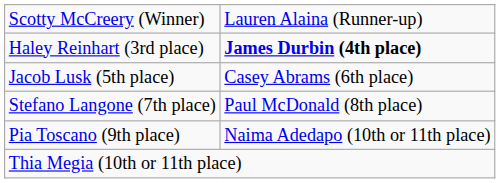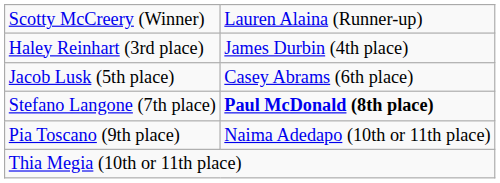 <table class="wikitable">
 <tr>
 <td><a href='#'>Scotty McCreery</a> (Winner)</td>
 <td><a href='#'>Lauren Alaina</a> (Runner-up)</td>
 </tr>
 <tr>
 <td><a href='#'>Haley Reinhart</a> (3rd place)</td>
-<td><strong><a href='#'>James Durbin</a> (4th place)</strong></td>
+<td><a href='#'>James Durbin</a> (4th place)</td>
 </tr>
 <tr>
 <td><a href='#'>Jacob Lusk</a> (5th place)</td>
 <td><a href='#'>Casey Abrams</a> (6th place)</td>
 </tr>
 <tr>
 <td><a href='#'>Stefano Langone</a> (7th place)</td>
-<td><a href='#'>Paul McDonald</a> (8th place)</td>
+<td><strong><a href='#'>Paul McDonald</a> (8th place)</strong></td>
 </tr>
 <tr>
 <td><a href='#'>Pia Toscano</a> (9th place)</td>
 <td><a href='#'>Naima Adedapo</a> (10th or 11th place)</td>
 </tr>
 <tr>
 <td colspan="2"><a href='#'>Thia Megia</a> (10th or 11th place)</td>
 </tr>
 </table>
